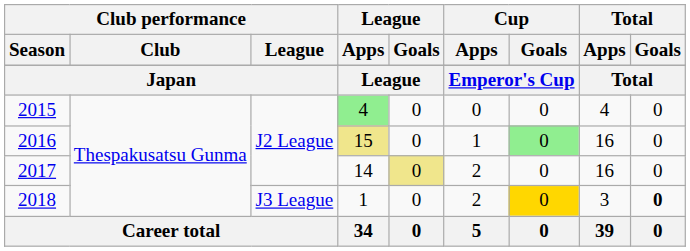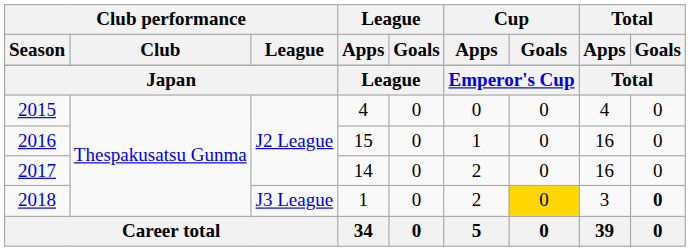 <table class="wikitable" style="text-align:center">
 <tr>
 <th colspan=3>Club performance</th>
 <th colspan=2>League</th>
 <th colspan=2>Cup</th>
 <th colspan=2>Total</th>
 </tr>
 <tr>
 <th>Season</th>
 <th>Club</th>
 <th>League</th>
 <th>Apps</th>
 <th>Goals</th>
 <th>Apps</th>
 <th>Goals</th>
 <th>Apps</th>
 <th>Goals</th>
 </tr>
 <tr>
 </tr>
 <tr>
 <th colspan=3>Japan</th>
 <th colspan=2>League</th>
 <th colspan=2><a href='#'>Emperor's Cup</a></th>
 <th colspan=2>Total</th>
 </tr>
 <tr>
 <td><a href='#'>2015</a></td>
 <td rowspan="4"><a href='#'>Thespakusatsu Gunma</a></td>
 <td rowspan="3"><a href='#'>J2 League</a></td>
-<td style="background: lightgreen;">4</td>
+<td>4</td>
 <td>0</td>
 <td>0</td>
 <td>0</td>
 <td>4</td>
 <td>0</td>
 </tr>
 <tr>
 <td><a href='#'>2016</a></td>
-<td style="background: khaki;">15</td>
+<td>15</td>
 <td>0</td>
 <td>1</td>
-<td style="background: lightgreen;">0</td>
+<td>0</td>
 <td>16</td>
 <td>0</td>
 </tr>
 <tr>
 <td><a href='#'>2017</a></td>
 <td>14</td>
-<td style="background: khaki;">0</td>
+<td>0</td>
 <td>2</td>
 <td>0</td>
 <td>16</td>
 <td>0</td>
 </tr>
 <tr>
 <td><a href='#'>2018</a></td>
 <td><a href='#'>J3 League</a></td>
 <td>1</td>
 <td>0</td>
 <td>2</td>
 <td style="background: gold;">0</td>
 <td>3</td>
 <td><strong>0</strong></td>
 </tr>
 <tr>
 <th colspan=3>Career total</th>
 <th>34</th>
 <th>0</th>
 <th>5</th>
 <th>0</th>
 <th>39</th>
 <th>0</th>
 </tr>
 </table>
